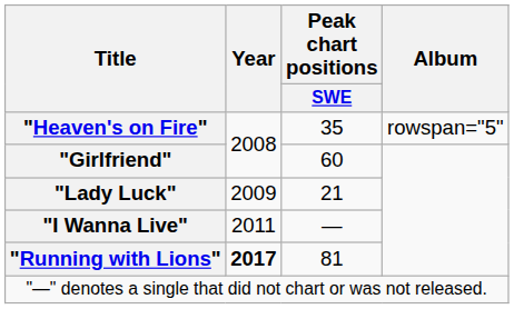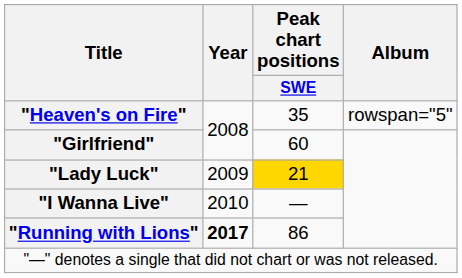 <table class="wikitable plainrowheaders" style="text-align:center;">
 <tr>
 <th scope="col" rowspan="2">Title</th>
 <th scope="col" rowspan="2">Year</th>
 <th scope="col">Peak chart positions</th>
 <th scope="col" rowspan="2">Album</th>
 </tr>
 <tr>
 <th scope="col" style="width:3em;font-size:85%;"><a href='#'>SWE</a><br></th>
 </tr>
 <tr>
 <th scope="row">"<a href='#'>Heaven's on Fire</a>"</th>
 <td rowspan=2>2008</td>
 <td>35</td>
 <td>rowspan="5" </td>
 </tr>
 <tr>
 <th scope="row">"Girlfriend"</th>
 <td>60</td>
 </tr>
 <tr>
 <th scope="row">"Lady Luck"</th>
 <td>2009</td>
-<td>21</td>
+<td style="background: gold;">21</td>
 </tr>
 <tr>
 <th scope="row">"I Wanna Live"</th>
-<td>2011</td>
+<td>2010</td>
 <td>—</td>
 </tr>
 <tr>
 <th scope="row">"<a href='#'>Running with Lions</a>"</th>
 <td><strong>2017</strong></td>
-<td>81<br></td>
+<td>86<br></td>
 </tr>
 <tr>
 <td style="text-align:center; font-size:85%;" colspan="22">"—" denotes a single that did not chart or was not released.</td>
 </tr>
 </table>
